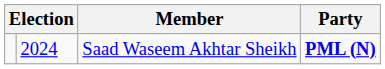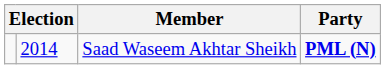 <table class="wikitable">
 <tr>
 <th colspan="2">Election</th>
 <th>Member</th>
 <th>Party</th>
 </tr>
 <tr>
 <td style="background-color: "></td>
-<td><a href='#'>2024</a></td>
+<td><a href='#'>2014</a></td>
 <td><a href='#'>Saad Waseem Akhtar Sheikh</a></td>
 <td><strong><a href='#'>PML (N)</a></strong></td>
 </tr>
 </table>
